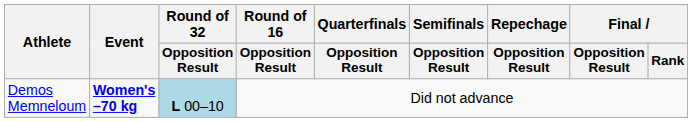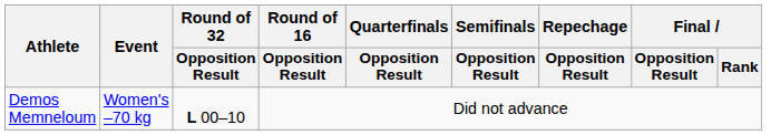 <table class="wikitable" style="font-size:90%">
 <tr>
 <th rowspan="2">Athlete</th>
 <th rowspan="2">Event</th>
 <th>Round of 32</th>
 <th>Round of 16</th>
 <th>Quarterfinals</th>
 <th>Semifinals</th>
 <th>Repechage</th>
 <th colspan=2>Final / </th>
 </tr>
 <tr style="font-size:95%">
 <th>Opposition<br>Result</th>
 <th>Opposition<br>Result</th>
 <th>Opposition<br>Result</th>
 <th>Opposition<br>Result</th>
 <th>Opposition<br>Result</th>
 <th>Opposition<br>Result</th>
 <th>Rank</th>
 </tr>
 <tr align=center>
 <td align=left><a href='#'>Demos Memneloum</a></td>
-<td align=left><strong><a href='#'>Women's –70 kg</a></strong></td>
-<td style="background: lightblue;"><br><strong>L</strong> 00–10</td>
+<td align=left><a href='#'>Women's –70 kg</a></td>
+<td><br><strong>L</strong> 00–10</td>
 <td colspan=6>Did not advance</td>
 </tr>
 </table>
